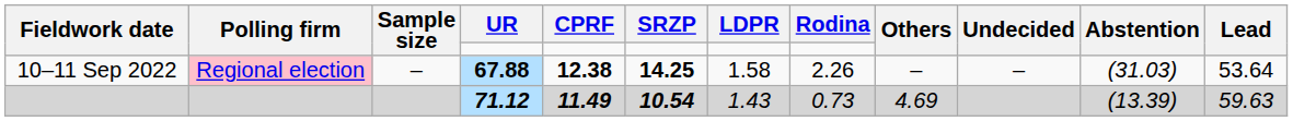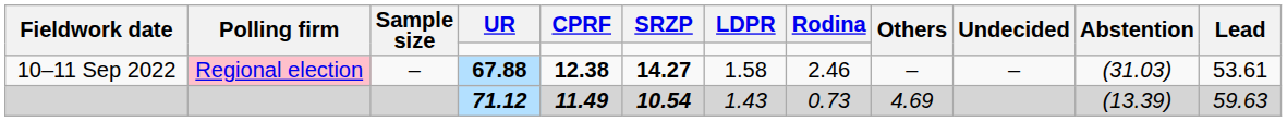 <table class=wikitable style="font-size:95%; line-height:14px; text-align:center">
 <tr>
 <th style=width:120px; rowspan=2>Fieldwork date</th>
 <th style=width:120px; rowspan=2>Polling firm</th>
 <th style=width:50px; rowspan=2>Sample<br>size</th>
 <th style="width:50px;"><a href='#'>UR</a></th>
 <th style="width:50px;"><a href='#'>CPRF</a></th>
 <th style="width:50px;"><a href='#'>SRZP</a></th>
 <th style="width:50px;"><a href='#'>LDPR</a></th>
 <th style="width:50px;"><a href='#'>Rodina</a></th>
 <th style="width:50px;" rowspan=2>Others</th>
 <th style="width:50px;" rowspan=2>Undecided</th>
 <th style="width:50px;" rowspan=2>Abstention</th>
 <th style="width:50px;" rowspan="2">Lead</th>
 </tr>
 <tr>
 <td bgcolor=></td>
 <td bgcolor=></td>
 <td bgcolor=></td>
 <td bgcolor=></td>
 <td bgcolor=></td>
 </tr>
 <tr>
 <td>10–11 Sep 2022</td>
 <td style="background: pink;"><a href='#'>Regional election</a></td>
 <td>–</td>
 <td style="background:#B3E0FF"><strong>67.88</strong></td>
 <td><strong>12.38</strong></td>
-<td><strong>14.25</strong></td>
+<td><strong>14.27</strong></td>
 <td>1.58</td>
-<td>2.26</td>
+<td>2.46</td>
 <td>–</td>
 <td>–</td>
 <td><em>(31.03)</em></td>
-<td style="background:">53.64</td>
+<td style="background:">53.61</td>
 </tr>
 <tr style="background:#D5D5D5">
 <td></td>
 <td></td>
 <td></td>
 <td style="background:#B3E0FF"><strong><em>71.12</em></strong></td>
 <td><strong><em>11.49</em></strong></td>
 <td><strong><em>10.54</em></strong></td>
 <td><em>1.43</em></td>
 <td><em>0.73</em></td>
 <td><em>4.69</em></td>
 <td></td>
 <td><em>(13.39)</em></td>
 <td style="background:"><em>59.63</em></td>
 </tr>
 </table>
